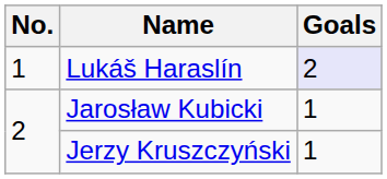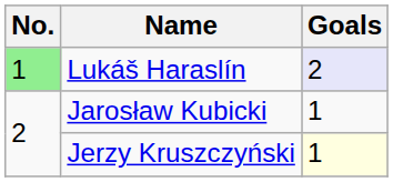 <table class="wikitable" style="display: inline-table;">
 <tr>
 <th>No.</th>
 <th>Name</th>
 <th>Goals</th>
 </tr>
 <tr>
-<td>1</td>
+<td style="background: lightgreen;">1</td>
 <td><a href='#'>Lukáš Haraslín</a></td>
 <td style="background: lavender;">2</td>
 </tr>
 <tr>
 <td rowspan=2>2</td>
 <td><a href='#'>Jarosław Kubicki</a></td>
 <td>1</td>
 </tr>
 <tr>
 <td><a href='#'>Jerzy Kruszczyński</a></td>
-<td>1</td>
+<td style="background: lightyellow;">1</td>
 </tr>
 </table>
